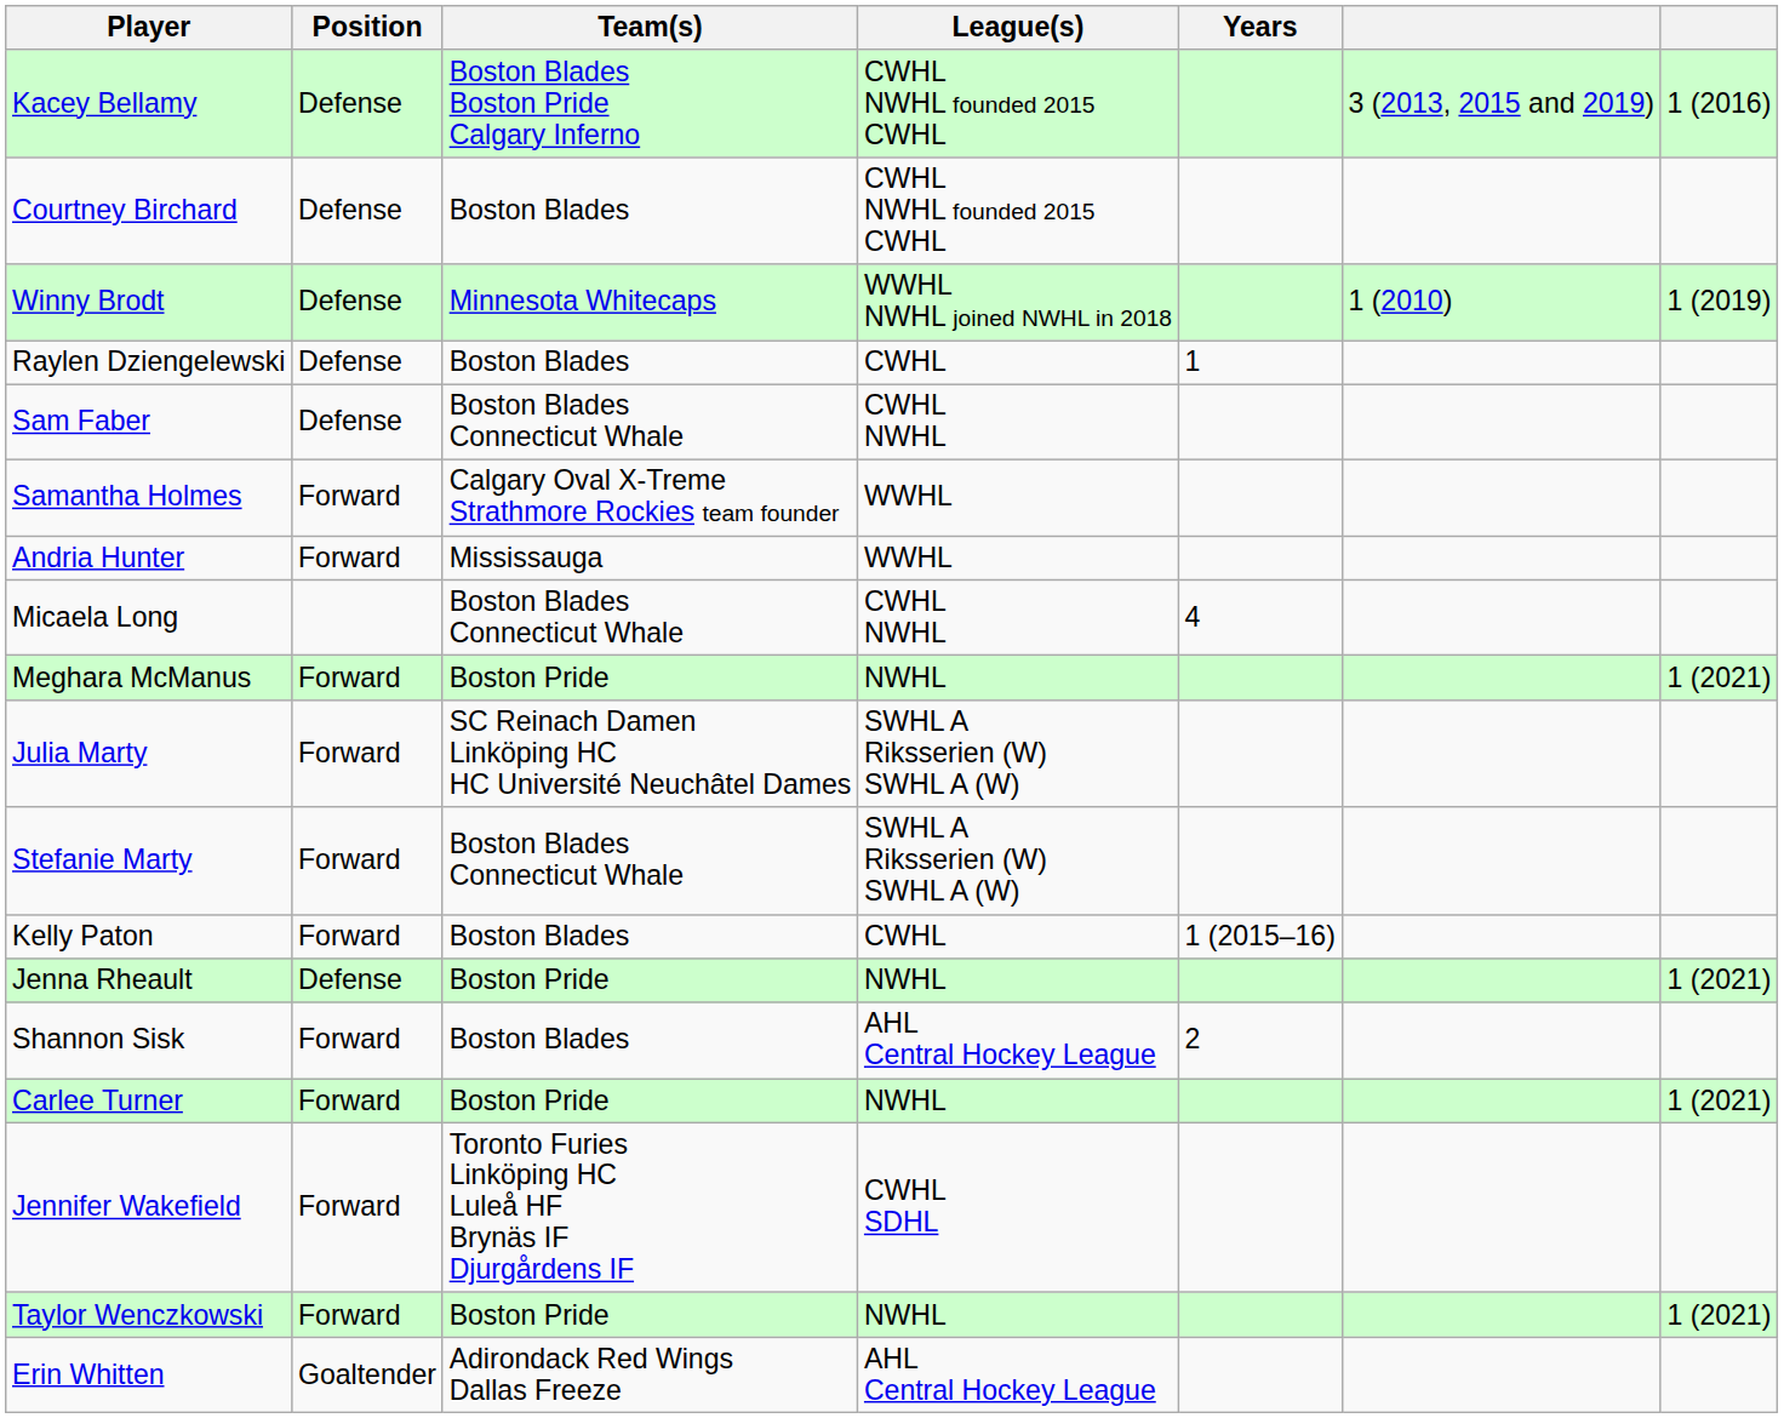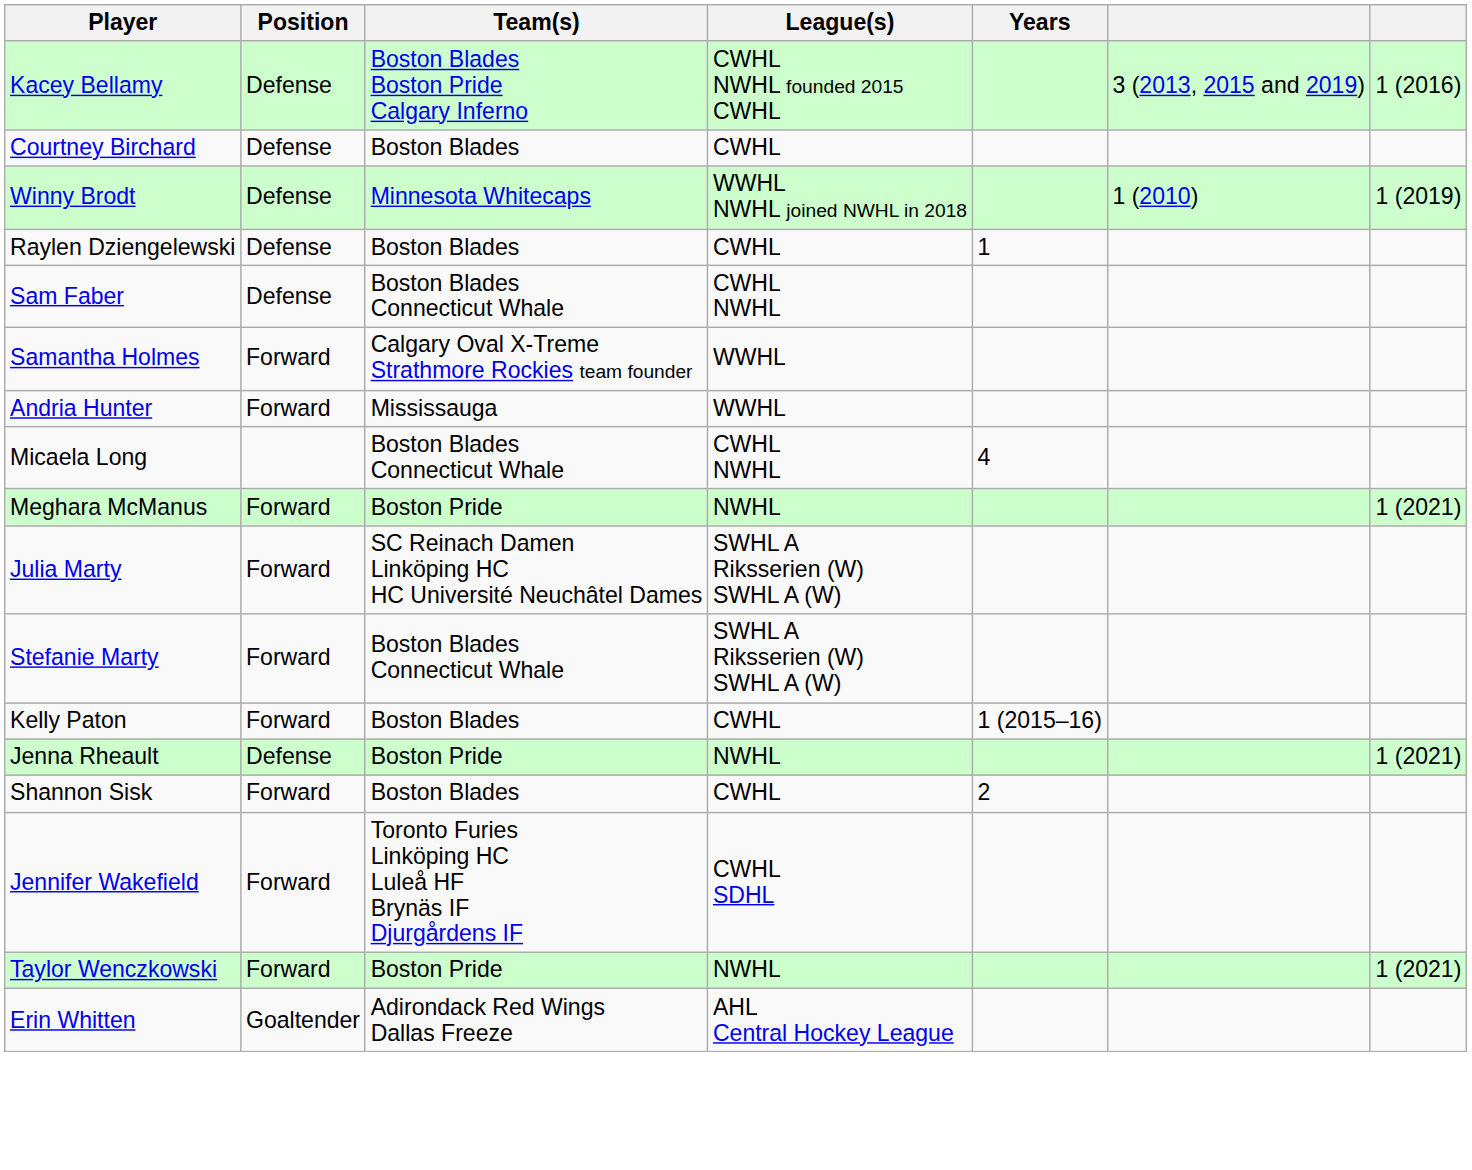 <table class="wikitable sortable">
 <tr>
 <th>Player</th>
 <th>Position</th>
 <th>Team(s)</th>
 <th>League(s)</th>
 <th>Years</th>
 <th><a href='#'></a></th>
 <th><a href='#'></a></th>
 </tr>
 <tr bgcolor= CCFFCC>
 <td><a href='#'>Kacey Bellamy</a></td>
 <td>Defense</td>
 <td><a href='#'>Boston Blades</a><br><a href='#'>Boston Pride</a><br><a href='#'>Calgary Inferno</a></td>
 <td>CWHL<br>NWHL<small> founded 2015</small> <br>CWHL</td>
 <td></td>
 <td>3 (<a href='#'>2013</a>, <a href='#'>2015</a> and <a href='#'>2019</a>)</td>
 <td>1 (2016)</td>
 </tr>
 <tr bgcolor=>
 <td><a href='#'>Courtney Birchard</a></td>
 <td>Defense</td>
 <td>Boston Blades</td>
-<td>CWHL<br>NWHL<small> founded 2015</small> <br>CWHL</td>
+<td>CWHL</td>
 <td></td>
 <td></td>
 <td></td>
 </tr>
 <tr bgcolor= CCFFCC>
 <td><a href='#'>Winny Brodt</a></td>
 <td>Defense</td>
 <td><a href='#'>Minnesota Whitecaps</a></td>
 <td>WWHL<br>NWHL <small>joined NWHL in 2018</small></td>
 <td></td>
 <td>1 (<a href='#'>2010</a>)</td>
 <td>1 (2019)</td>
 </tr>
 <tr bgcolor=>
 <td>Raylen Dziengelewski</td>
 <td>Defense</td>
 <td>Boston Blades</td>
 <td>CWHL</td>
 <td>1</td>
 <td></td>
 <td></td>
 </tr>
 <tr bgcolor=>
 <td><a href='#'>Sam Faber</a></td>
 <td>Defense</td>
 <td>Boston Blades<br>Connecticut Whale</td>
 <td>CWHL<br>NWHL</td>
 <td></td>
 <td></td>
 <td></td>
 </tr>
 <tr bgcolor=>
 <td><a href='#'>Samantha Holmes</a></td>
 <td>Forward</td>
 <td>Calgary Oval X-Treme<br><a href='#'>Strathmore Rockies</a> <small>team founder</small></td>
 <td>WWHL</td>
 <td></td>
 <td></td>
 <td></td>
 </tr>
 <tr bgcolor=>
 <td><a href='#'>Andria Hunter</a></td>
 <td>Forward</td>
 <td>Mississauga</td>
 <td>WWHL</td>
 <td></td>
 <td></td>
 <td></td>
 </tr>
 <tr bgcolor=>
 <td>Micaela Long</td>
 <td></td>
 <td>Boston Blades<br>Connecticut Whale</td>
 <td>CWHL<br>NWHL</td>
 <td>4</td>
 <td></td>
 <td></td>
 </tr>
 <tr bgcolor= CCFFCC>
 <td>Meghara McManus</td>
 <td>Forward</td>
 <td>Boston Pride</td>
 <td>NWHL</td>
 <td></td>
 <td></td>
 <td>1 (2021)</td>
 </tr>
 <tr bgcolor=>
 <td><a href='#'>Julia Marty</a></td>
 <td>Forward</td>
 <td>SC Reinach Damen<br>Linköping HC<br>HC Université Neuchâtel Dames</td>
 <td>SWHL A<br>Riksserien (W)<br>SWHL A (W)</td>
 <td></td>
 <td></td>
 <td></td>
 </tr>
 <tr bgcolor=>
 <td><a href='#'>Stefanie Marty</a></td>
 <td>Forward</td>
 <td>Boston Blades<br>Connecticut Whale</td>
 <td>SWHL A<br>Riksserien (W)<br>SWHL A (W)</td>
 <td></td>
 <td></td>
 <td></td>
 </tr>
 <tr bgcolor=>
 <td>Kelly Paton</td>
 <td>Forward</td>
 <td>Boston Blades</td>
 <td>CWHL</td>
 <td>1 (2015–16)</td>
 <td></td>
 <td></td>
 </tr>
 <tr bgcolor= CCFFCC>
 <td>Jenna Rheault</td>
 <td>Defense</td>
 <td>Boston Pride</td>
 <td>NWHL</td>
 <td></td>
 <td></td>
 <td>1 (2021)</td>
 </tr>
 <tr bgcolor=>
 <td>Shannon Sisk</td>
 <td>Forward</td>
 <td>Boston Blades</td>
-<td>AHL<br><a href='#'>Central Hockey League</a></td>
+<td>CWHL</td>
 <td>2</td>
 <td></td>
 <td></td>
-</tr>
-<tr bgcolor= CCFFCC>
-<td><a href='#'>Carlee Turner</a></td>
-<td>Forward</td>
-<td>Boston Pride</td>
-<td>NWHL</td>
-<td></td>
-<td></td>
-<td>1 (2021)</td>
 </tr>
 <tr bgcolor=>
 <td><a href='#'>Jennifer Wakefield</a></td>
 <td>Forward</td>
 <td>Toronto Furies<br>Linköping HC<br>Luleå HF<br>Brynäs IF<br><a href='#'>Djurgårdens IF</a></td>
 <td>CWHL<br><a href='#'>SDHL</a></td>
 <td></td>
 <td></td>
 <td></td>
 </tr>
 <tr bgcolor= CCFFCC>
 <td><a href='#'>Taylor Wenczkowski</a></td>
 <td>Forward</td>
 <td>Boston Pride</td>
 <td>NWHL</td>
 <td></td>
 <td></td>
 <td>1 (2021)</td>
 </tr>
 <tr bgcolor=>
 <td><a href='#'>Erin Whitten</a></td>
 <td>Goaltender</td>
 <td>Adirondack Red Wings<br>Dallas Freeze</td>
 <td>AHL<br><a href='#'>Central Hockey League</a></td>
 <td></td>
 <td></td>
 <td></td>
 </tr>
 </table>
